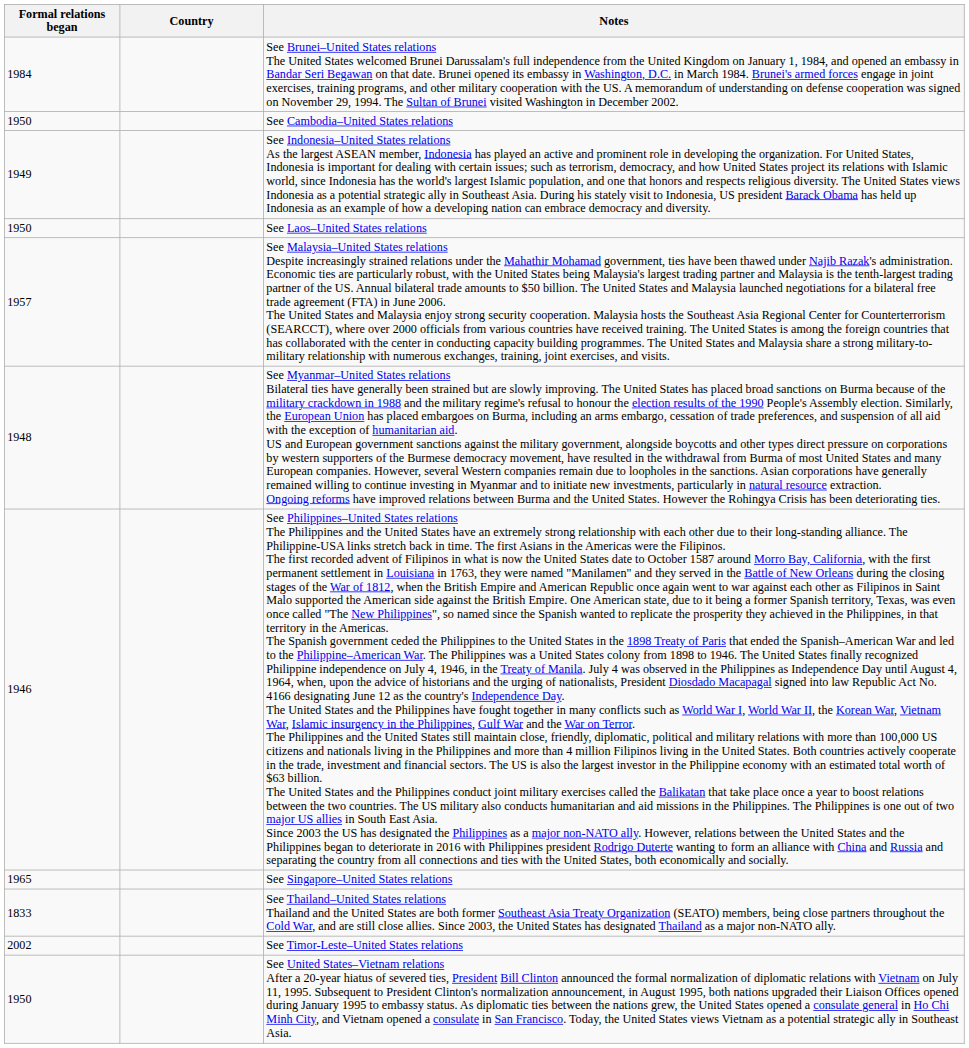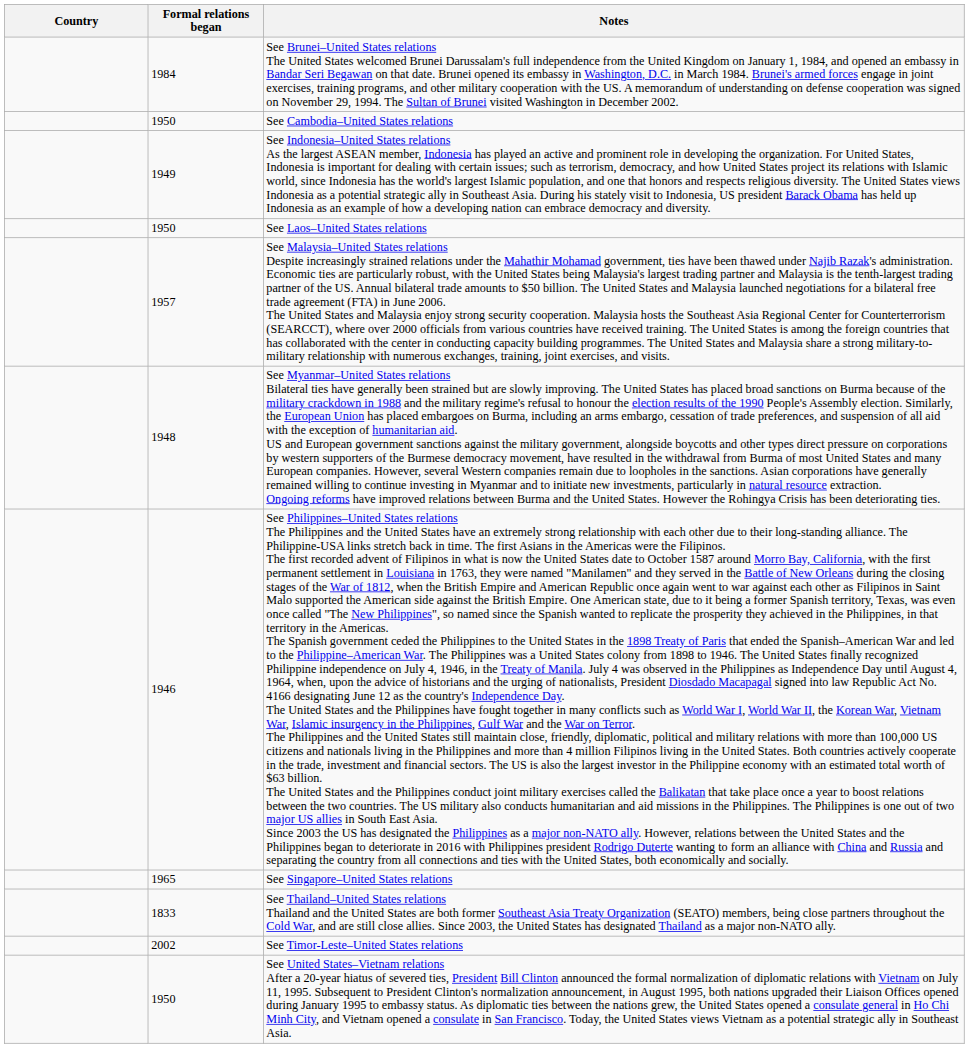 <table class="wikitable sortable" border="1" style="width:100%; margin:auto;">
 <tr>
+<th width="15%">Country</th>
 <th width="12%">Formal relations began</th>
-<th width="15%">Country</th>
 <th>Notes</th>
 </tr>
 <tr -valign="top">
+<td></td>
 <td>1984</td>
-<td></td>
 <td>See <a href='#'>Brunei–United States relations</a><br>The United States welcomed Brunei Darussalam's full independence from the United Kingdom on January 1, 1984, and opened an embassy in <a href='#'>Bandar Seri Begawan</a> on that date. Brunei opened its embassy in <a href='#'>Washington, D.C.</a> in March 1984. <a href='#'>Brunei's armed forces</a> engage in joint exercises, training programs, and other military cooperation with the US. A memorandum of understanding on defense cooperation was signed on November 29, 1994. The <a href='#'>Sultan of Brunei</a> visited Washington in December 2002.</td>
 </tr>
 <tr -valign="top">
+<td></td>
 <td>1950</td>
-<td></td>
 <td>See <a href='#'>Cambodia–United States relations</a></td>
 </tr>
 <tr -valign="top">
+<td></td>
 <td>1949</td>
-<td></td>
 <td>See <a href='#'>Indonesia–United States relations</a><br>As the largest ASEAN member, <a href='#'>Indonesia</a> has played an active and prominent role in developing the organization. For United States, Indonesia is important for dealing with certain issues; such as terrorism, democracy, and how United States project its relations with Islamic world, since Indonesia has the world's largest Islamic population, and one that honors and respects religious diversity. The United States views Indonesia as a potential strategic ally in Southeast Asia. During his stately visit to Indonesia, US president <a href='#'>Barack Obama</a> has held up Indonesia as an example of how a developing nation can embrace democracy and diversity.</td>
 </tr>
 <tr -valign="top">
+<td></td>
 <td>1950</td>
-<td></td>
 <td>See <a href='#'>Laos–United States relations</a></td>
 </tr>
 <tr -valign="top">
+<td></td>
 <td>1957</td>
-<td></td>
 <td>See <a href='#'>Malaysia–United States relations</a><br>Despite increasingly strained relations under the <a href='#'>Mahathir Mohamad</a> government, ties have been thawed under <a href='#'>Najib Razak</a>'s administration. Economic ties are particularly robust, with the United States being Malaysia's largest trading partner and Malaysia is the tenth-largest trading partner of the US. Annual bilateral trade amounts to $50 billion. The United States and Malaysia launched negotiations for a bilateral free trade agreement (FTA) in June 2006.<br>The United States and Malaysia enjoy strong security cooperation. Malaysia hosts the Southeast Asia Regional Center for Counterterrorism (SEARCCT), where over 2000 officials from various countries have received training. The United States is among the foreign countries that has collaborated with the center in conducting capacity building programmes. The United States and Malaysia share a strong military-to-military relationship with numerous exchanges, training, joint exercises, and visits.</td>
 </tr>
 <tr -valign="top">
+<td></td>
 <td>1948</td>
-<td></td>
 <td>See <a href='#'>Myanmar–United States relations</a><br>Bilateral ties have generally been strained but are slowly improving. The United States has placed broad sanctions on Burma because of the <a href='#'>military crackdown in 1988</a> and the military regime's refusal to honour the <a href='#'>election results of the 1990</a> People's Assembly election. Similarly, the <a href='#'>European Union</a> has placed embargoes on Burma, including an arms embargo, cessation of trade preferences, and suspension of all aid with the exception of <a href='#'>humanitarian aid</a>.<br>US and European government sanctions against the military government, alongside boycotts and other types direct pressure on corporations by western supporters of the Burmese democracy movement, have resulted in the withdrawal from Burma of most United States and many European companies. However, several Western companies remain due to loopholes in the sanctions. Asian corporations have generally remained willing to continue investing in Myanmar and to initiate new investments, particularly in <a href='#'>natural resource</a> extraction.<br><a href='#'>Ongoing reforms</a> have improved relations between Burma and the United States. However the Rohingya Crisis has been deteriorating ties.</td>
 </tr>
 <tr -valign="top">
+<td></td>
 <td>1946</td>
-<td></td>
 <td>See <a href='#'>Philippines–United States relations</a><br> The Philippines and the United States have an extremely strong relationship with each other due to their long-standing alliance. The Philippine-USA links stretch back in time. The first Asians in the Americas were the Filipinos.<br>The first recorded advent of Filipinos in what is now the United States date to October 1587 around <a href='#'>Morro Bay, California</a>, with the first permanent settlement in <a href='#'>Louisiana</a> in 1763, they were named "Manilamen" and they served in the <a href='#'>Battle of New Orleans</a> during the closing stages of the <a href='#'>War of 1812</a>, when the British Empire and American Republic once again went to war against each other as Filipinos in Saint Malo supported the American side against the British Empire. One American state, due to it being a former Spanish territory, Texas, was even once called "The <a href='#'>New Philippines</a>", so named since the Spanish wanted to replicate the prosperity they achieved in the Philippines, in that territory in the Americas.<br>The Spanish government ceded the Philippines to the United States in the <a href='#'>1898 Treaty of Paris</a> that ended the Spanish–American War and led to the <a href='#'>Philippine–American War</a>. The Philippines was a United States colony from 1898 to 1946. The United States finally recognized Philippine independence on July 4, 1946, in the <a href='#'>Treaty of Manila</a>. July 4 was observed in the Philippines as Independence Day until August 4, 1964, when, upon the advice of historians and the urging of nationalists, President <a href='#'>Diosdado Macapagal</a> signed into law Republic Act No. 4166 designating June 12 as the country's <a href='#'>Independence Day</a>.<br>The United States and the Philippines have fought together in many conflicts such as <a href='#'>World War I</a>, <a href='#'>World War II</a>, the <a href='#'>Korean War</a>, <a href='#'>Vietnam War</a>, <a href='#'>Islamic insurgency in the Philippines</a>, <a href='#'>Gulf War</a> and the <a href='#'>War on Terror</a>.<br>The Philippines and the United States still maintain close, friendly, diplomatic, political and military relations with more than 100,000 US citizens and nationals living in the Philippines and more than 4 million Filipinos living in the United States. Both countries actively cooperate in the trade, investment and financial sectors. The US is also the largest investor in the Philippine economy with an estimated total worth of $63 billion.<br>The United States and the Philippines conduct joint military exercises called the <a href='#'>Balikatan</a> that take place once a year to boost relations between the two countries. The US military also conducts humanitarian and aid missions in the Philippines. The Philippines is one out of two <a href='#'>major US allies</a> in South East Asia.<br>Since 2003 the US has designated the <a href='#'>Philippines</a> as a <a href='#'>major non-NATO ally</a>. However, relations between the United States and the Philippines began to deteriorate in 2016 with Philippines president <a href='#'>Rodrigo Duterte</a> wanting to form an alliance with <a href='#'>China</a> and <a href='#'>Russia</a> and separating the country from all connections and ties with the United States, both economically and socially.</td>
 </tr>
 <tr -valign="top">
+<td></td>
 <td>1965</td>
-<td></td>
 <td>See <a href='#'>Singapore–United States relations</a></td>
 </tr>
 <tr -valign="top">
+<td></td>
 <td>1833</td>
-<td></td>
 <td>See <a href='#'>Thailand–United States relations</a><br>Thailand and the United States are both former <a href='#'>Southeast Asia Treaty Organization</a> (SEATO) members, being close partners throughout the <a href='#'>Cold War</a>, and are still close allies. Since 2003, the United States has designated <a href='#'>Thailand</a> as a major non-NATO ally.</td>
 </tr>
 <tr -valign="top">
+<td></td>
 <td>2002</td>
-<td></td>
 <td>See <a href='#'>Timor-Leste–United States relations</a></td>
 </tr>
 <tr -valign="top">
+<td></td>
 <td>1950</td>
-<td></td>
 <td>See <a href='#'>United States–Vietnam relations</a><br> After a 20-year hiatus of severed ties, <a href='#'>President</a> <a href='#'>Bill Clinton</a> announced the formal normalization of diplomatic relations with <a href='#'>Vietnam</a> on July 11, 1995. Subsequent to President Clinton's normalization announcement, in August 1995, both nations upgraded their Liaison Offices opened during January 1995 to embassy status. As diplomatic ties between the nations grew, the United States opened a <a href='#'>consulate general</a> in <a href='#'>Ho Chi Minh City</a>, and Vietnam opened a <a href='#'>consulate</a> in <a href='#'>San Francisco</a>. Today, the United States views Vietnam as a potential strategic ally in Southeast Asia.</td>
 </tr>
 </table>
